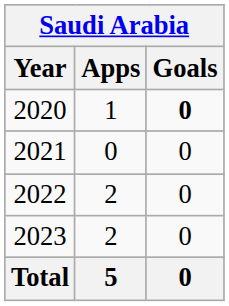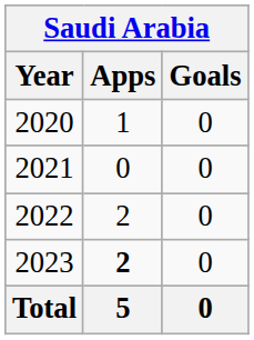 <table class="wikitable" style="text-align:center">
 <tr>
 <th colspan=3><a href='#'>Saudi Arabia</a></th>
 </tr>
 <tr>
 <th>Year</th>
 <th>Apps</th>
 <th>Goals</th>
 </tr>
 <tr>
 <td>2020</td>
 <td>1</td>
-<td><strong>0</strong></td>
+<td>0</td>
 </tr>
 <tr>
 <td>2021</td>
 <td>0</td>
 <td>0</td>
 </tr>
 <tr>
 <td>2022</td>
 <td>2</td>
 <td>0</td>
 </tr>
 <tr>
 <td>2023</td>
-<td>2</td>
+<td><strong>2</strong></td>
 <td>0</td>
 </tr>
 <tr>
 <th>Total</th>
 <th>5</th>
 <th>0</th>
 </tr>
 </table>
